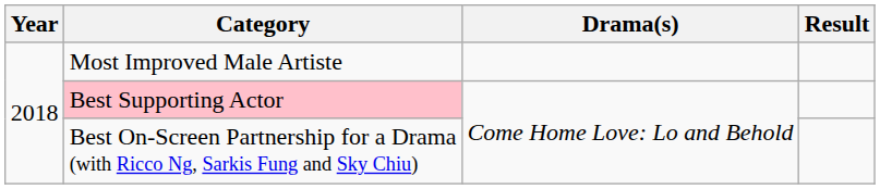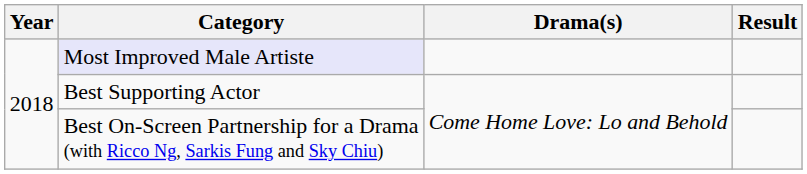 <table class="wikitable sortable">
 <tr>
 <th>Year</th>
 <th>Category</th>
 <th>Drama(s)</th>
 <th>Result</th>
 </tr>
 <tr>
 <td rowspan=3>2018</td>
-<td>Most Improved Male Artiste</td>
+<td style="background: lavender;">Most Improved Male Artiste</td>
 <td></td>
 <td></td>
 </tr>
 <tr>
-<td style="background: pink;">Best Supporting Actor</td>
+<td>Best Supporting Actor</td>
 <td rowspan=2><em>Come Home Love: Lo and Behold</em></td>
 <td></td>
 </tr>
 <tr>
 <td>Best On-Screen Partnership for a Drama <br> <small>(with <a href='#'>Ricco Ng</a>, <a href='#'>Sarkis Fung</a> and <a href='#'>Sky Chiu</a>)</small></td>
 <td></td>
 </tr>
 </table>
